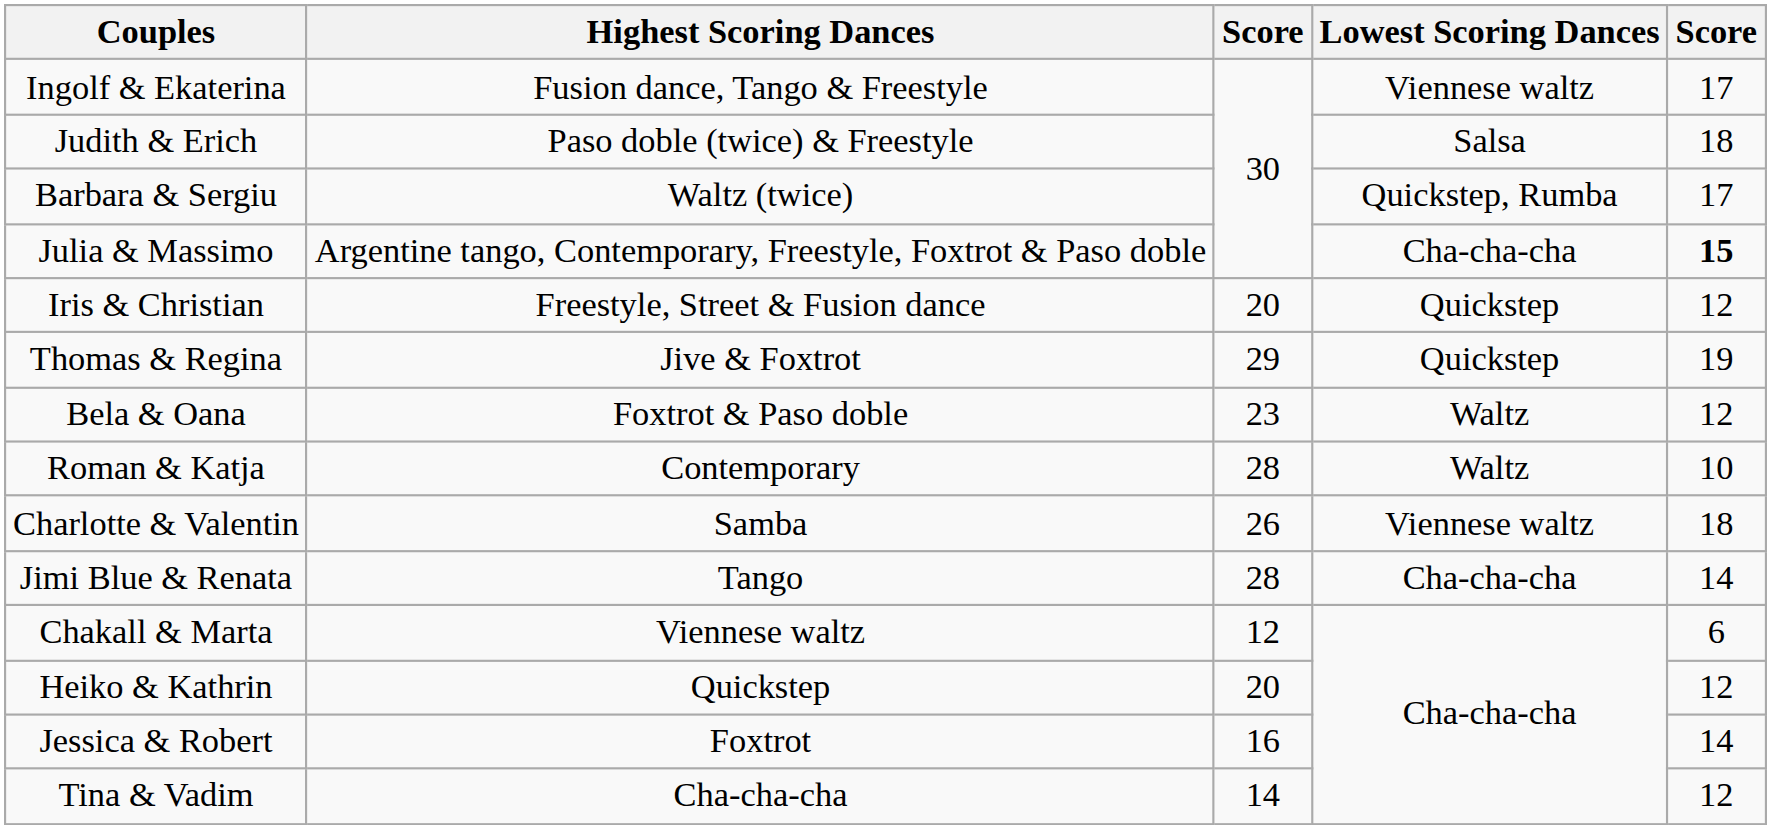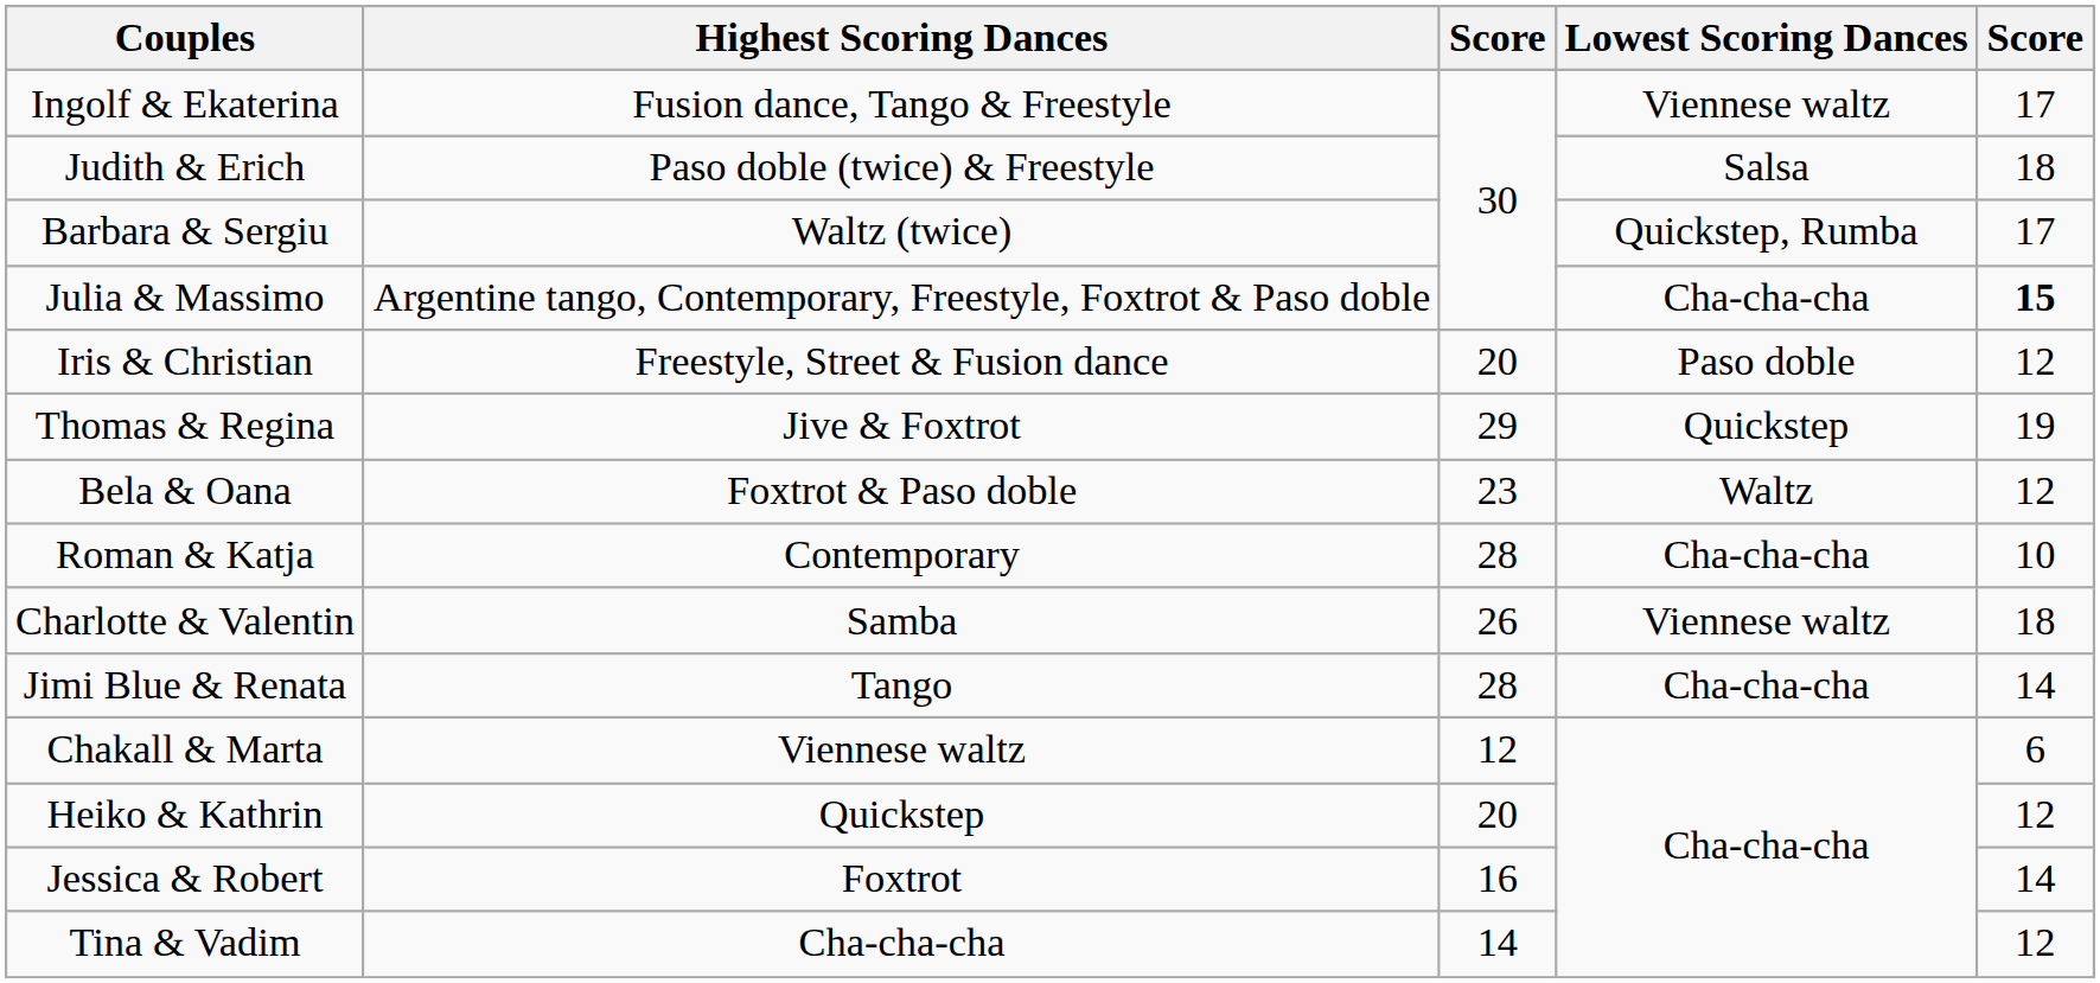 <table class="wikitable sortable center" style="text-align:center;">
 <tr>
 <th>Couples</th>
 <th>Highest Scoring Dances</th>
 <th>Score</th>
 <th>Lowest Scoring Dances</th>
 <th>Score</th>
 </tr>
 <tr>
 <td>Ingolf & Ekaterina</td>
 <td>Fusion dance, Tango & Freestyle</td>
 <td rowspan="4">30</td>
 <td>Viennese waltz</td>
 <td>17</td>
 </tr>
 <tr>
 <td>Judith & Erich</td>
 <td>Paso doble (twice) & Freestyle</td>
 <td>Salsa</td>
 <td>18</td>
 </tr>
 <tr>
 <td>Barbara & Sergiu</td>
 <td>Waltz (twice)</td>
 <td>Quickstep, Rumba</td>
 <td>17</td>
 </tr>
 <tr>
 <td>Julia & Massimo</td>
 <td>Argentine tango, Contemporary, Freestyle, Foxtrot & Paso doble</td>
 <td>Cha-cha-cha</td>
 <td><strong>15</strong></td>
 </tr>
 <tr>
 <td>Iris & Christian</td>
 <td>Freestyle, Street & Fusion dance</td>
 <td>20</td>
-<td>Quickstep</td>
+<td>Paso doble</td>
 <td>12</td>
 </tr>
 <tr>
 <td>Thomas & Regina</td>
 <td>Jive & Foxtrot</td>
 <td>29</td>
 <td>Quickstep</td>
 <td>19</td>
 </tr>
 <tr>
 <td>Bela & Oana</td>
 <td>Foxtrot & Paso doble</td>
 <td>23</td>
 <td>Waltz</td>
 <td>12</td>
 </tr>
 <tr>
 <td>Roman & Katja</td>
 <td>Contemporary</td>
 <td>28</td>
-<td>Waltz</td>
+<td>Cha-cha-cha</td>
 <td>10</td>
 </tr>
 <tr>
 <td>Charlotte & Valentin</td>
 <td>Samba</td>
 <td>26</td>
 <td>Viennese waltz</td>
 <td>18</td>
 </tr>
 <tr>
 <td>Jimi Blue & Renata</td>
 <td>Tango</td>
 <td>28</td>
 <td>Cha-cha-cha</td>
 <td>14</td>
 </tr>
 <tr>
 <td>Chakall & Marta</td>
 <td>Viennese waltz</td>
 <td>12</td>
 <td rowspan="4">Cha-cha-cha</td>
 <td>6</td>
 </tr>
 <tr>
 <td>Heiko & Kathrin</td>
 <td>Quickstep</td>
 <td>20</td>
 <td>12</td>
 </tr>
 <tr>
 <td>Jessica & Robert</td>
 <td>Foxtrot</td>
 <td>16</td>
 <td>14</td>
 </tr>
 <tr>
 <td>Tina & Vadim</td>
 <td>Cha-cha-cha</td>
 <td>14</td>
 <td>12</td>
 </tr>
 </table>
